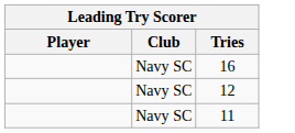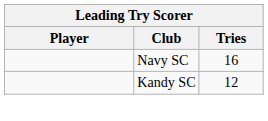 <table class="wikitable sortable">
 <tr>
 <th colspan=3>Leading Try Scorer</th>
 </tr>
 <tr>
 <th style="width:50%">Player</th>
 <th style="width:25%">Club</th>
 <th style="width:25%">Tries</th>
 </tr>
 <tr>
 <td></td>
 <td>Navy SC</td>
 <td align="center">16</td>
 </tr>
 <tr>
 <td></td>
-<td>Navy SC</td>
+<td>Kandy SC</td>
 <td align="center">12</td>
 </tr>
-<tr>
-<td></td>
-<td>Navy SC</td>
-<td align="center">11</td>
-</tr>
 </table>
